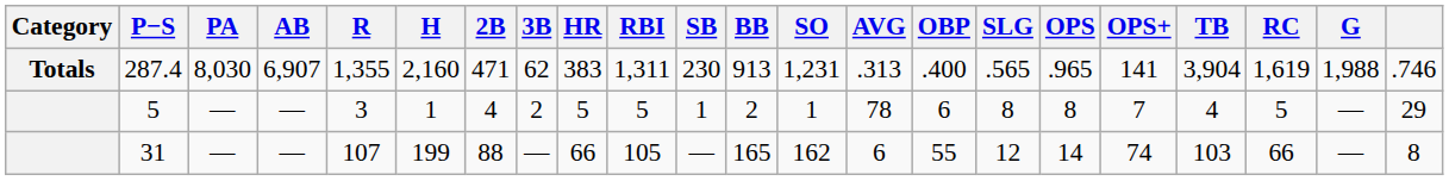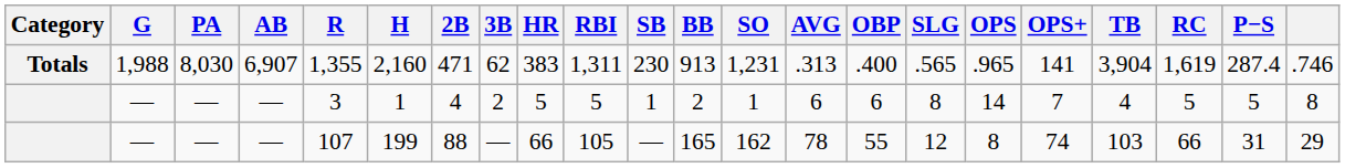 <table class="wikitable" margin: 5px; text-align: center; style=font-size:90%>
 <tr align=center>
 <th>Category</th>
-<th><a href='#'>P−S</a></th>
+<th><a href='#'>G</a></th>
 <th><a href='#'>PA</a></th>
 <th><a href='#'>AB</a></th>
 <th><a href='#'>R</a></th>
 <th><a href='#'>H</a></th>
 <th><a href='#'>2B</a></th>
 <th><a href='#'>3B</a></th>
 <th><a href='#'>HR</a></th>
 <th><a href='#'>RBI</a></th>
 <th><a href='#'>SB</a></th>
 <th><a href='#'>BB</a></th>
 <th><a href='#'>SO</a></th>
 <th><a href='#'>AVG</a></th>
 <th><a href='#'>OBP</a></th>
 <th><a href='#'>SLG</a></th>
 <th><a href='#'>OPS</a></th>
 <th><a href='#'>OPS+</a></th>
 <th><a href='#'>TB</a></th>
 <th><a href='#'>RC</a></th>
-<th><a href='#'>G</a></th>
+<th><a href='#'>P−S</a></th>
 <th></th>
 </tr>
 <tr align=center>
 <th>Totals</th>
-<td>287.4</td>
+<td>1,988</td>
 <td>8,030</td>
 <td>6,907</td>
 <td>1,355</td>
 <td>2,160</td>
 <td>471</td>
 <td>62</td>
 <td>383</td>
 <td>1,311</td>
 <td>230</td>
 <td>913</td>
 <td>1,231</td>
 <td>.313</td>
 <td>.400</td>
 <td>.565</td>
 <td>.965</td>
 <td>141</td>
 <td>3,904</td>
 <td>1,619</td>
-<td>1,988</td>
+<td>287.4</td>
 <td>.746</td>
 </tr>
 <tr align=center>
 <th></th>
-<td>5</td>
+<td>—</td>
 <td>—</td>
 <td>—</td>
 <td>3</td>
 <td>1</td>
 <td>4</td>
 <td>2</td>
 <td>5</td>
 <td>5</td>
 <td>1</td>
 <td>2</td>
 <td>1</td>
-<td>78</td>
+<td>6</td>
 <td>6</td>
 <td>8</td>
-<td>8</td>
+<td>14</td>
 <td>7</td>
 <td>4</td>
 <td>5</td>
-<td>—</td>
-<td>29</td>
+<td>5</td>
+<td>8</td>
 </tr>
 <tr align=center>
 <th></th>
-<td>31</td>
+<td>—</td>
 <td>—</td>
 <td>—</td>
 <td>107</td>
 <td>199</td>
 <td>88</td>
 <td>—</td>
 <td>66</td>
 <td>105</td>
 <td>—</td>
 <td>165</td>
 <td>162</td>
-<td>6</td>
+<td>78</td>
 <td>55</td>
 <td>12</td>
-<td>14</td>
+<td>8</td>
 <td>74</td>
 <td>103</td>
 <td>66</td>
-<td>—</td>
-<td>8</td>
+<td>31</td>
+<td>29</td>
 </tr>
 </table>
